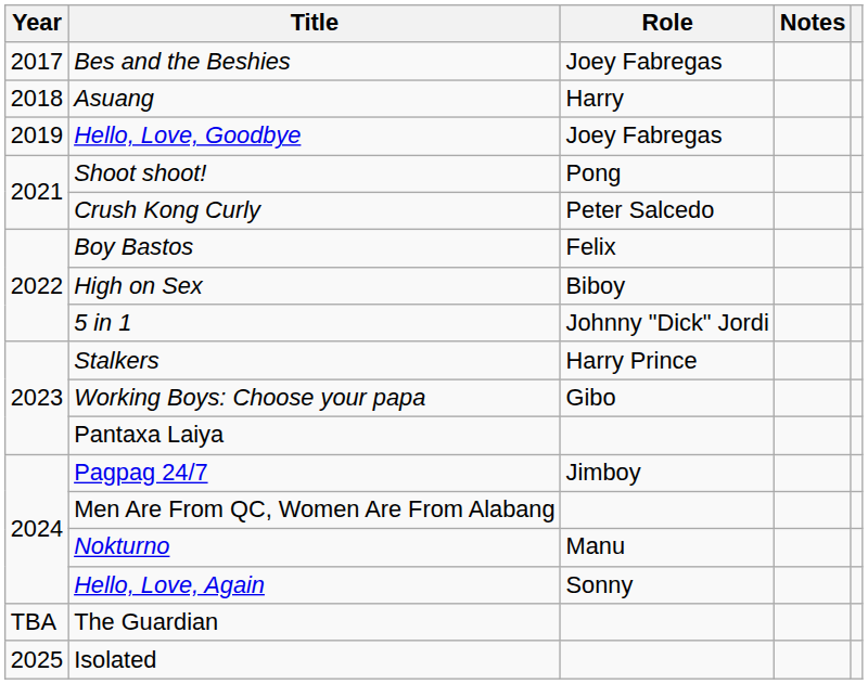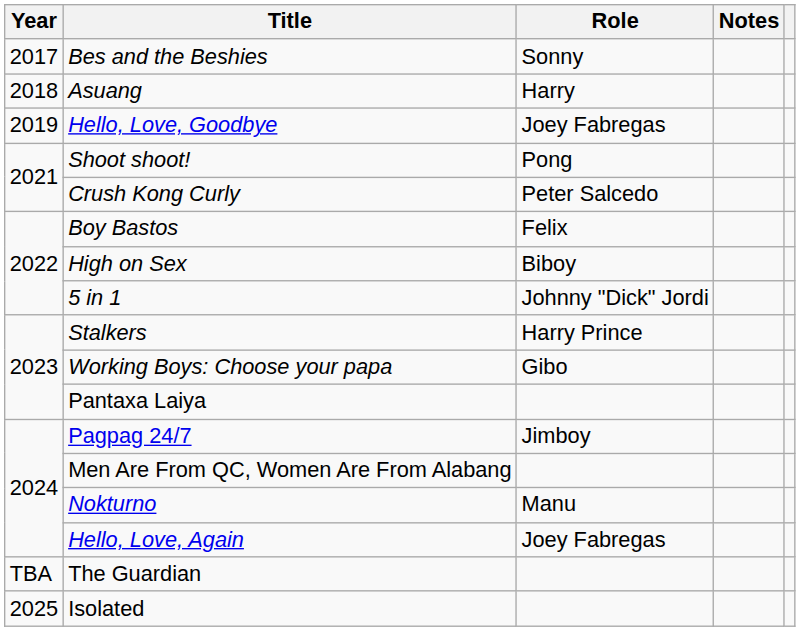 <table class="wikitable sortable">
 <tr>
 <th>Year</th>
 <th>Title</th>
 <th>Role</th>
 <th>Notes</th>
 <th></th>
 </tr>
 <tr>
 <td>2017</td>
 <td><em>Bes and the Beshies</em></td>
-<td>Joey Fabregas</td>
+<td>Sonny</td>
 <td></td>
 <td></td>
 </tr>
 <tr>
 <td>2018</td>
 <td><em>Asuang</em></td>
 <td>Harry</td>
 <td></td>
 <td></td>
 </tr>
 <tr>
 <td>2019</td>
 <td><em><a href='#'>Hello, Love, Goodbye</a></em></td>
 <td>Joey Fabregas</td>
 <td></td>
 <td></td>
 </tr>
 <tr>
 <td rowspan="2">2021</td>
 <td><em>Shoot shoot!</em></td>
 <td>Pong</td>
 <td></td>
 <td></td>
 </tr>
 <tr>
 <td><em>Crush Kong Curly</em></td>
 <td>Peter Salcedo</td>
 <td></td>
 <td style="text-align:center"></td>
 </tr>
 <tr>
 <td rowspan="3">2022</td>
 <td><em>Boy Bastos</em></td>
 <td>Felix</td>
 <td></td>
 <td></td>
 </tr>
 <tr>
 <td><em>High on Sex</em></td>
 <td>Biboy</td>
 <td></td>
 <td></td>
 </tr>
 <tr>
 <td><em>5 in 1</em></td>
 <td>Johnny "Dick" Jordi</td>
 <td></td>
 <td></td>
 </tr>
 <tr>
 <td rowspan="3">2023</td>
 <td><em>Stalkers</em></td>
 <td>Harry Prince</td>
 <td></td>
 <td></td>
 </tr>
 <tr>
 <td><em>Working Boys: Choose your papa</em></td>
 <td>Gibo</td>
 <td></td>
 <td></td>
 </tr>
 <tr>
 <td>Pantaxa Laiya</td>
 <td></td>
 <td></td>
 <td></td>
 </tr>
 <tr>
 <td rowspan="4">2024</td>
 <td><a href='#'>Pagpag 24/7</a></td>
 <td>Jimboy</td>
 <td></td>
 <td></td>
 </tr>
 <tr>
 <td>Men Are From QC, Women Are From Alabang</td>
 <td></td>
 <td></td>
 <td></td>
 </tr>
 <tr>
 <td><em><a href='#'>Nokturno</a></em></td>
 <td>Manu</td>
 <td></td>
 <td></td>
 </tr>
 <tr>
 <td><em><a href='#'>Hello, Love, Again</a></em></td>
-<td>Sonny</td>
+<td>Joey Fabregas</td>
 <td></td>
 <td></td>
 </tr>
 <tr>
 <td>TBA</td>
 <td>The Guardian</td>
 <td></td>
 <td></td>
 <td></td>
 </tr>
 <tr>
 <td>2025</td>
 <td>Isolated</td>
 <td></td>
 <td></td>
 <td></td>
 </tr>
 </table>
